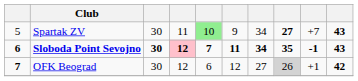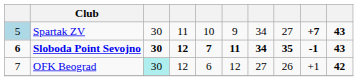 <table class="wikitable" style="text-align:center">
 <tr>
 <th width=30></th>
 <th>Club</th>
 <th width=30></th>
 <th width=30></th>
 <th width=30></th>
 <th width=30></th>
 <th width=30></th>
 <th width=30></th>
 <th width=30></th>
 <th width=30></th>
 </tr>
 <tr>
-<td>5</td>
+<td style="background: lightblue;">5</td>
 <td align=left><a href='#'>Spartak ZV</a></td>
 <td>30</td>
 <td>11</td>
-<td style="background: lightgreen;">10</td>
+<td>10</td>
 <td>9</td>
 <td>34</td>
-<td><strong>27</strong></td>
-<td>+7</td>
+<td>27</td>
+<td><strong>+7</strong></td>
 <td><strong>43</strong></td>
 </tr>
 <tr>
 <td><strong>6</strong></td>
 <td align=left><strong><a href='#'>Sloboda Point Sevojno</a></strong></td>
 <td><strong>30</strong></td>
-<td style="background: pink;"><strong>12</strong></td>
+<td><strong>12</strong></td>
 <td><strong>7</strong></td>
 <td><strong>11</strong></td>
 <td><strong>34</strong></td>
 <td><strong>35</strong></td>
 <td><strong>-1</strong></td>
 <td><strong>43</strong></td>
 </tr>
 <tr>
-<td><strong>7</strong></td>
+<td>7</td>
 <td align=left><a href='#'>OFK Beograd</a></td>
-<td>30</td>
+<td style="background: paleturquoise;">30</td>
 <td>12</td>
 <td>6</td>
 <td>12</td>
 <td>27</td>
-<td style="background: lightgrey;">26</td>
+<td>26</td>
 <td>+1</td>
 <td><strong>42</strong></td>
 </tr>
 <tr>
 </tr>
 </table>
